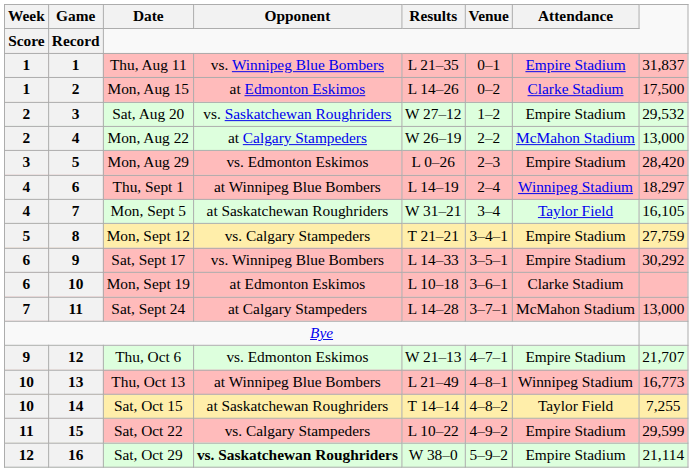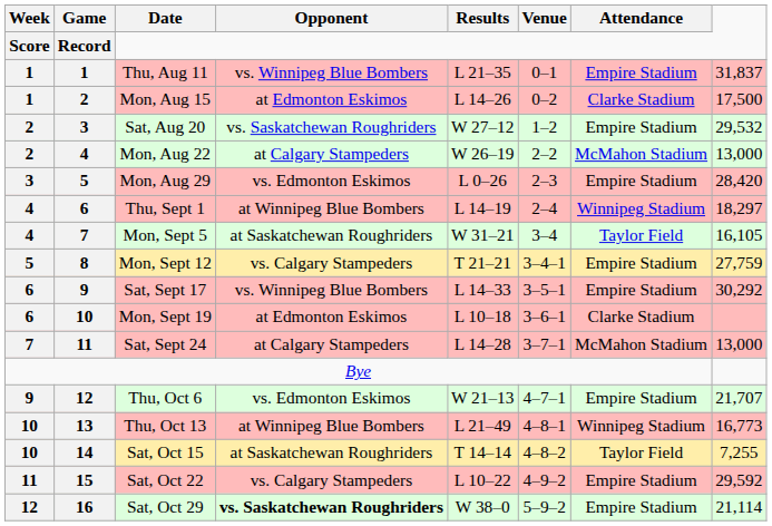 <table class="wikitable" style="text-align:center">
 <tr>
 <th>Week</th>
 <th>Game</th>
 <th>Date</th>
 <th>Opponent</th>
 <th>Results</th>
 <th>Venue</th>
 <th>Attendance</th>
 </tr>
 <tr>
 <th>Score</th>
 <th>Record</th>
 </tr>
 <tr style="background:#ffbbbb">
 <th>1</th>
 <th>1</th>
 <td>Thu, Aug 11</td>
 <td>vs. <a href='#'>Winnipeg Blue Bombers</a></td>
 <td>L 21–35</td>
 <td>0–1</td>
 <td><a href='#'>Empire Stadium</a></td>
 <td>31,837</td>
 </tr>
 <tr style="background:#ffbbbb">
 <th>1</th>
 <th>2</th>
 <td>Mon, Aug 15</td>
 <td>at <a href='#'>Edmonton Eskimos</a></td>
 <td>L 14–26</td>
 <td>0–2</td>
 <td><a href='#'>Clarke Stadium</a></td>
 <td>17,500</td>
 </tr>
 <tr style="background:#ddffdd">
 <th>2</th>
 <th>3</th>
 <td>Sat, Aug 20</td>
 <td>vs. <a href='#'>Saskatchewan Roughriders</a></td>
 <td>W 27–12</td>
 <td>1–2</td>
 <td>Empire Stadium</td>
 <td>29,532</td>
 </tr>
 <tr style="background:#ddffdd">
 <th>2</th>
 <th>4</th>
 <td>Mon, Aug 22</td>
 <td>at <a href='#'>Calgary Stampeders</a></td>
 <td>W 26–19</td>
 <td>2–2</td>
 <td><a href='#'>McMahon Stadium</a></td>
 <td>13,000</td>
 </tr>
 <tr style="background:#ffbbbb">
 <th>3</th>
 <th>5</th>
 <td>Mon, Aug 29</td>
 <td>vs. Edmonton Eskimos</td>
 <td>L 0–26</td>
 <td>2–3</td>
 <td>Empire Stadium</td>
 <td>28,420</td>
 </tr>
 <tr style="background:#ffbbbb">
 <th>4</th>
 <th>6</th>
 <td>Thu, Sept 1</td>
 <td>at Winnipeg Blue Bombers</td>
 <td>L 14–19</td>
 <td>2–4</td>
 <td><a href='#'>Winnipeg Stadium</a></td>
 <td>18,297</td>
 </tr>
 <tr style="background:#ddffdd">
 <th>4</th>
 <th>7</th>
 <td>Mon, Sept 5</td>
 <td>at Saskatchewan Roughriders</td>
 <td>W 31–21</td>
 <td>3–4</td>
 <td><a href='#'>Taylor Field</a></td>
 <td>16,105</td>
 </tr>
 <tr style="background:#ffeeaa">
 <th>5</th>
 <th>8</th>
 <td>Mon, Sept 12</td>
 <td>vs. Calgary Stampeders</td>
 <td>T 21–21</td>
 <td>3–4–1</td>
 <td>Empire Stadium</td>
 <td>27,759</td>
 </tr>
 <tr style="background:#ffbbbb">
 <th>6</th>
 <th>9</th>
 <td>Sat, Sept 17</td>
 <td>vs. Winnipeg Blue Bombers</td>
 <td>L 14–33</td>
 <td>3–5–1</td>
 <td>Empire Stadium</td>
 <td>30,292</td>
 </tr>
 <tr style="background:#ffbbbb">
 <th>6</th>
 <th>10</th>
 <td>Mon, Sept 19</td>
 <td>at Edmonton Eskimos</td>
 <td>L 10–18</td>
 <td>3–6–1</td>
 <td>Clarke Stadium</td>
 <td></td>
 </tr>
 <tr style="background:#ffbbbb">
 <th>7</th>
 <th>11</th>
 <td>Sat, Sept 24</td>
 <td>at Calgary Stampeders</td>
 <td>L 14–28</td>
 <td>3–7–1</td>
 <td>McMahon Stadium</td>
 <td>13,000</td>
 </tr>
 <tr>
 <td colspan=7><em><a href='#'>Bye</a></em></td>
 </tr>
 <tr style="background:#ddffdd">
 <th>9</th>
 <th>12</th>
 <td>Thu, Oct 6</td>
 <td>vs. Edmonton Eskimos</td>
 <td>W 21–13</td>
 <td>4–7–1</td>
 <td>Empire Stadium</td>
 <td>21,707</td>
 </tr>
 <tr style="background:#ffbbbb">
 <th>10</th>
 <th>13</th>
 <td>Thu, Oct 13</td>
 <td>at Winnipeg Blue Bombers</td>
 <td>L 21–49</td>
 <td>4–8–1</td>
 <td>Winnipeg Stadium</td>
 <td>16,773</td>
 </tr>
 <tr style="background:#ffeeaa">
 <th>10</th>
 <th>14</th>
 <td>Sat, Oct 15</td>
 <td>at Saskatchewan Roughriders</td>
 <td>T 14–14</td>
 <td>4–8–2</td>
 <td>Taylor Field</td>
 <td>7,255</td>
 </tr>
 <tr style="background:#ffbbbb">
 <th>11</th>
 <th>15</th>
 <td>Sat, Oct 22</td>
 <td>vs. Calgary Stampeders</td>
 <td>L 10–22</td>
 <td>4–9–2</td>
 <td>Empire Stadium</td>
-<td>29,599</td>
+<td>29,592</td>
 </tr>
 <tr style="background:#ddffdd">
 <th>12</th>
 <th>16</th>
 <td>Sat, Oct 29</td>
 <td><strong>vs. Saskatchewan Roughriders</strong></td>
 <td>W 38–0</td>
 <td>5–9–2</td>
 <td>Empire Stadium</td>
 <td>21,114</td>
 </tr>
 </table>
